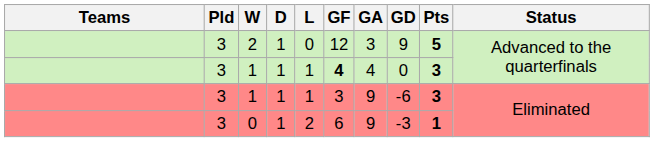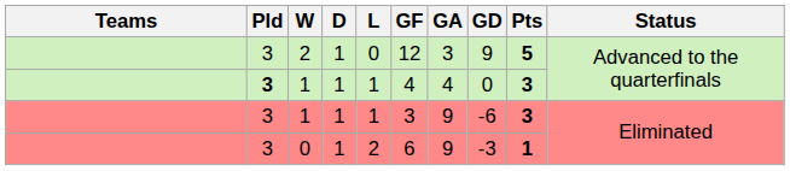 <table class=wikitable style="text-align:center">
 <tr>
 <th width=185>Teams</th>
 <th width=20>Pld</th>
 <th width=20>W</th>
 <th width=20>D</th>
 <th width=20>L</th>
 <th width=20>GF</th>
 <th width=20>GA</th>
 <th width=20>GD</th>
 <th width=20>Pts</th>
 <th width=181>Status</th>
 </tr>
 <tr bgcolor="#D0F0C0">
 <td style="text-align:left;"></td>
 <td>3</td>
 <td>2</td>
 <td>1</td>
 <td>0</td>
 <td>12</td>
 <td>3</td>
 <td>9</td>
 <td><strong>5</strong></td>
 <td rowspan=2>Advanced to the quarterfinals</td>
 </tr>
 <tr bgcolor="#D0F0C0">
 <td style="text-align:left;"></td>
-<td>3</td>
+<td><strong>3</strong></td>
 <td>1</td>
 <td>1</td>
 <td>1</td>
-<td><strong>4</strong></td>
+<td>4</td>
 <td>4</td>
 <td>0</td>
 <td><strong>3</strong></td>
 </tr>
 <tr bgcolor=#FF8888>
 <td style="text-align:left;"></td>
 <td>3</td>
 <td>1</td>
 <td>1</td>
 <td>1</td>
 <td>3</td>
 <td>9</td>
 <td>-6</td>
 <td><strong>3</strong></td>
 <td rowspan=2>Eliminated</td>
 </tr>
 <tr bgcolor=#FF8888>
 <td style="text-align:left;"></td>
 <td>3</td>
 <td>0</td>
 <td>1</td>
 <td>2</td>
 <td>6</td>
 <td>9</td>
 <td>-3</td>
 <td><strong>1</strong></td>
 </tr>
 </table>
